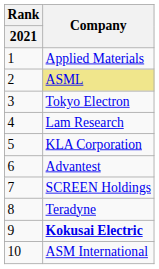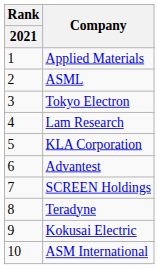 <table class="wikitable" style="text-align=left;">
 <tr>
 <th colspan="2">Rank</th>
 <th rowspan="2">Company</th>
 </tr>
 <tr>
 <th colspan="2">2021</th>
 </tr>
 <tr>
 <td colspan="2">1</td>
 <td><a href='#'>Applied Materials</a></td>
 </tr>
 <tr>
 <td colspan="2">2</td>
-<td style="background: khaki;"><a href='#'>ASML</a></td>
+<td><a href='#'>ASML</a></td>
 </tr>
 <tr>
 <td colspan="2">3</td>
 <td><a href='#'>Tokyo Electron</a></td>
 </tr>
 <tr>
 <td colspan="2">4</td>
 <td><a href='#'>Lam Research</a></td>
 </tr>
 <tr>
 <td colspan="2">5</td>
 <td><a href='#'>KLA Corporation</a></td>
 </tr>
 <tr>
 <td colspan="2">6</td>
 <td><a href='#'>Advantest</a></td>
 </tr>
 <tr>
 <td colspan="2">7</td>
 <td><a href='#'>SCREEN Holdings</a></td>
 </tr>
 <tr>
 <td colspan="2">8</td>
 <td><a href='#'>Teradyne</a></td>
 </tr>
 <tr>
 <td colspan="2">9</td>
-<td><strong><a href='#'>Kokusai Electric</a></strong></td>
+<td><a href='#'>Kokusai Electric</a></td>
 </tr>
 <tr>
 <td colspan="2">10</td>
 <td><a href='#'>ASM International</a></td>
 </tr>
 </table>
